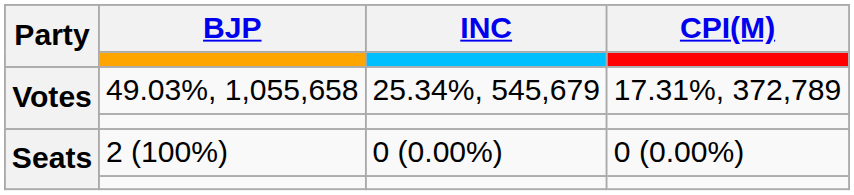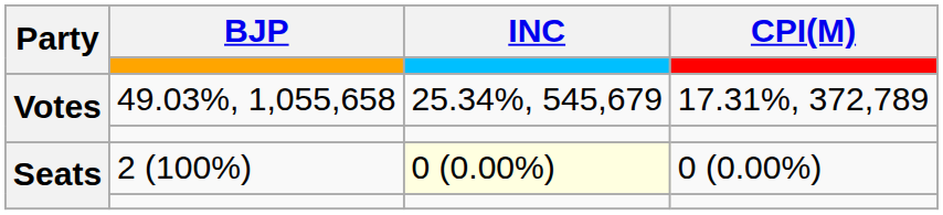 <table class="wikitable">
 <tr>
 <th rowspan="2">Party</th>
 <th><a href='#'>BJP</a></th>
 <th><a href='#'>INC</a></th>
 <th><a href='#'>CPI(M)</a></th>
 </tr>
 <tr>
 <td style="background:orange;"></td>
 <td style="background:#00BFFF;"></td>
 <td style="background:red;"></td>
 </tr>
 <tr>
 <th rowspan="2">Votes</th>
 <td>49.03%, 1,055,658</td>
 <td>25.34%, 545,679</td>
 <td>17.31%, 372,789</td>
 </tr>
 <tr>
 <td></td>
 <td></td>
 <td></td>
 </tr>
 <tr>
 <th rowspan="2">Seats</th>
 <td>2 (100%)</td>
-<td>0 (0.00%)</td>
+<td style="background: lightyellow;">0 (0.00%)</td>
 <td>0 (0.00%)</td>
 </tr>
 <tr>
 <td></td>
 <td></td>
 <td></td>
 </tr>
 </table>
